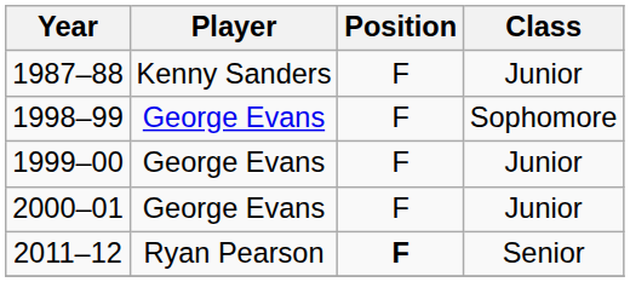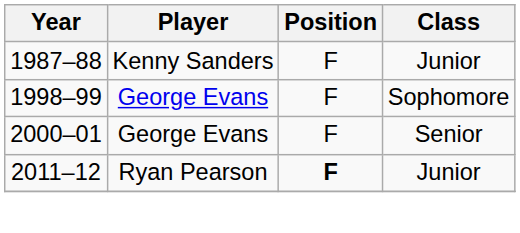 <table class="wikitable">
 <tr>
 <th>Year</th>
 <th>Player</th>
 <th>Position</th>
 <th>Class</th>
 </tr>
 <tr align="center">
 <td>1987–88</td>
 <td>Kenny Sanders</td>
 <td>F</td>
 <td>Junior</td>
 </tr>
 <tr align="center">
 <td>1998–99</td>
 <td><a href='#'>George Evans</a></td>
 <td>F</td>
 <td>Sophomore</td>
 </tr>
 <tr align="center">
-<td>1999–00</td>
-<td>George Evans</td>
-<td>F</td>
-<td>Junior</td>
-</tr>
-<tr align="center">
 <td>2000–01</td>
 <td>George Evans</td>
 <td>F</td>
-<td>Junior</td>
+<td>Senior</td>
 </tr>
 <tr align="center">
 <td>2011–12</td>
 <td>Ryan Pearson</td>
 <td><strong>F</strong></td>
-<td>Senior</td>
+<td>Junior</td>
 </tr>
 <tr align="center">
 </tr>
 </table>
